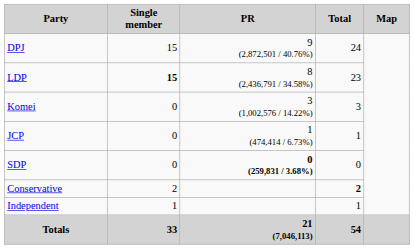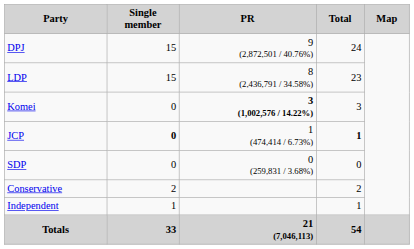 <table border="2" cellpadding="4" cellspacing="0" style="width:100%; margin:1em 1em 1em 0; background:#f9f9f9; border:1px #aaa solid; border-collapse:collapse;">
 <tr style="background:lightgrey;">
 <th>Party</th>
 <th>Single<br>member</th>
 <th>PR</th>
 <th>Total</th>
 <th>Map</th>
 </tr>
 <tr>
 <td><a href='#'>DPJ</a></td>
 <td style="text-align:right;">15</td>
 <td style="text-align:right;">9<br><small>(2,872,501 / 40.76%)</small></td>
 <td style="text-align:right;">24</td>
 <td rowspan=7></td>
 </tr>
 <tr>
 <td><a href='#'>LDP</a></td>
-<td style="text-align:right;"><strong>15</strong></td>
+<td style="text-align:right;">15</td>
 <td style="text-align:right;">8<br><small>(2,436,791 / 34.58%)</small></td>
 <td style="text-align:right;">23</td>
 </tr>
 <tr>
 <td><a href='#'>Komei</a></td>
 <td style="text-align:right;">0</td>
-<td style="text-align:right;">3<br><small>(1,002,576 / 14.22%)</small></td>
+<td style="text-align:right;"><strong>3<br><small>(1,002,576 / 14.22%)</small></strong></td>
 <td style="text-align:right;">3</td>
 </tr>
 <tr>
 <td><a href='#'>JCP</a></td>
-<td style="text-align:right;">0</td>
+<td style="text-align:right;"><strong>0</strong></td>
 <td style="text-align:right;">1<br><small>(474,414	/ 6.73%)</small></td>
-<td style="text-align:right;">1</td>
+<td style="text-align:right;"><strong>1</strong></td>
 </tr>
 <tr>
 <td><a href='#'>SDP</a></td>
 <td style="text-align:right;">0</td>
-<td style="text-align:right;"><strong>0<br><small>(259,831	/ 3.68%)</small></strong></td>
+<td style="text-align:right;">0<br><small>(259,831	/ 3.68%)</small></td>
 <td style="text-align:right;">0</td>
 </tr>
 <tr>
 <td><a href='#'>Conservative</a></td>
 <td style="text-align:right;">2</td>
 <td style="text-align:right;"></td>
-<td style="text-align:right;"><strong>2</strong></td>
+<td style="text-align:right;">2</td>
 </tr>
 <tr>
 <td><a href='#'>Independent</a></td>
 <td style="text-align:right;">1</td>
 <td style="text-align:right;"></td>
 <td style="text-align:right;">1</td>
 </tr>
 <tr style="background:lightgrey;">
 <th><strong>Totals</strong></th>
 <th style="text-align:right;">33</th>
 <th style="text-align:right;">21<br><small>(7,046,113)</small></th>
 <th style="text-align:right;">54</th>
 <th></th>
 </tr>
 </table>
